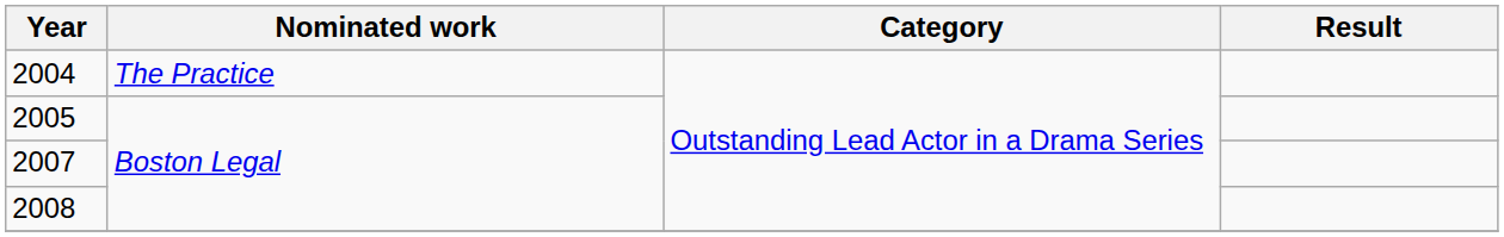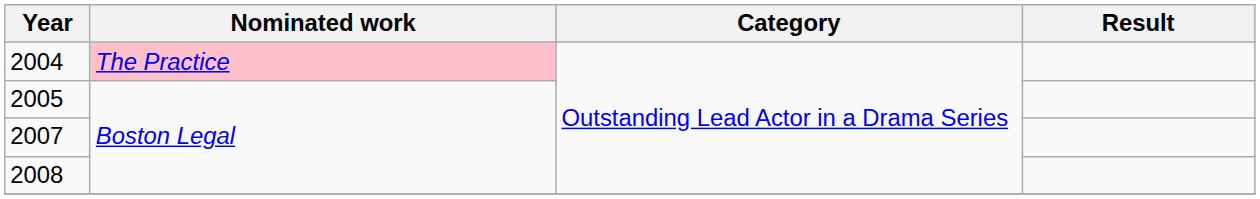 <table width="95%" class="wikitable sortable">
 <tr>
 <th width="2%">Year</th>
 <th width="20%">Nominated work</th>
 <th width="20%">Category</th>
 <th width="10%">Result</th>
 </tr>
 <tr>
 <td>2004</td>
-<td><em><a href='#'>The Practice</a></em></td>
+<td style="background: pink;"><em><a href='#'>The Practice</a></em></td>
 <td rowspan="4"><a href='#'>Outstanding Lead Actor in a Drama Series</a></td>
 <td></td>
 </tr>
 <tr>
 <td>2005</td>
 <td rowspan="3"><em><a href='#'>Boston Legal</a></em></td>
 <td></td>
 </tr>
 <tr>
 <td>2007</td>
 <td></td>
 </tr>
 <tr>
 <td>2008</td>
 <td></td>
 </tr>
 <tr>
 </tr>
 </table>
